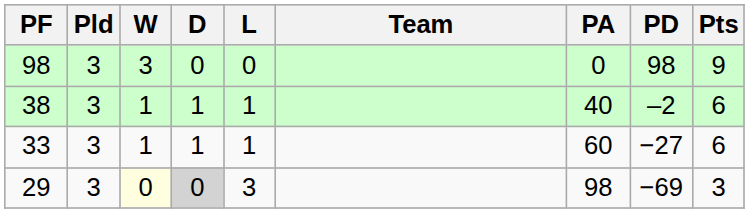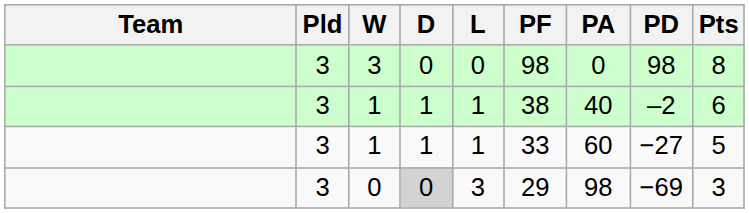 <table class="wikitable" style="text-align:center;">
 <tr>
-<th width=32 abbr="Points for">PF</th>
+<th width=175>Team</th>
 <th width=25 abbr="Played">Pld</th>
 <th width=25 abbr="Won">W</th>
 <th width=25 abbr="Drawn">D</th>
 <th width=25 abbr="Lost">L</th>
-<th width=175>Team</th>
+<th width=32 abbr="Points for">PF</th>
 <th width=32 abbr="Points against">PA</th>
 <th width=32 abbr="Points difference">PD</th>
 <th width=25 abbr="Points">Pts</th>
 </tr>
 <tr bgcolor="#ccffcc">
-<td>98</td>
+<td align=left></td>
 <td>3</td>
 <td>3</td>
 <td>0</td>
 <td>0</td>
-<td align=left></td>
+<td>98</td>
 <td>0</td>
 <td>98</td>
-<td>9</td>
+<td>8</td>
 </tr>
 <tr bgcolor="#ccffcc">
-<td>38</td>
+<td align=left></td>
 <td>3</td>
 <td>1</td>
 <td>1</td>
 <td>1</td>
-<td align=left></td>
+<td>38</td>
 <td>40</td>
 <td>–2</td>
 <td>6</td>
 </tr>
 <tr>
-<td>33</td>
+<td align=left></td>
 <td>3</td>
 <td>1</td>
 <td>1</td>
 <td>1</td>
-<td align=left></td>
+<td>33</td>
 <td>60</td>
 <td>−27</td>
-<td>6</td>
+<td>5</td>
 </tr>
 <tr>
-<td>29</td>
+<td align=left></td>
 <td>3</td>
-<td style="background: lightyellow;">0</td>
+<td>0</td>
 <td style="background: lightgrey;">0</td>
 <td>3</td>
-<td align=left></td>
+<td>29</td>
 <td>98</td>
 <td>−69</td>
 <td>3</td>
 </tr>
 </table>
